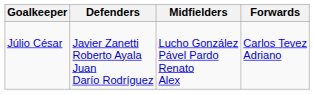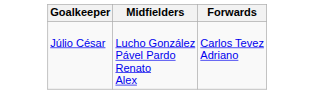 <table class="wikitable" style="mArgin: 0 auto;">
 <tr>
 <th>Goalkeeper</th>
-<th>Defenders</th>
 <th>Midfielders</th>
 <th>Forwards</th>
 </tr>
 <tr>
 <td valign=top><br> <a href='#'>Júlio César</a></td>
-<td valign=top><br> <a href='#'>Javier Zanetti</a><br>  <a href='#'>Roberto Ayala</a><br>  <a href='#'>Juan</a><br>  <a href='#'>Darío Rodríguez</a></td>
 <td valign=top><br> <a href='#'>Lucho González</a><br>  <a href='#'>Pável Pardo</a><br>  <a href='#'>Renato</a><br>  <a href='#'>Alex</a></td>
 <td valign=top><br> <a href='#'>Carlos Tevez</a><br>  <a href='#'>Adriano</a></td>
 </tr>
 </table>
